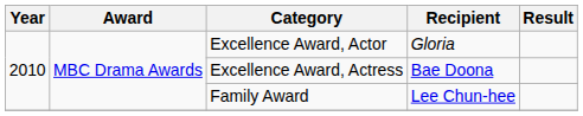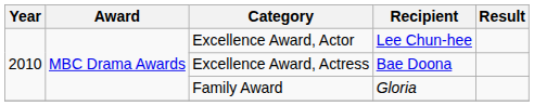 <table class="wikitable">
 <tr>
 <th>Year</th>
 <th>Award</th>
 <th>Category</th>
 <th>Recipient</th>
 <th>Result</th>
 </tr>
 <tr>
 <td rowspan=3>2010</td>
 <td rowspan=3><a href='#'>MBC Drama Awards</a></td>
 <td>Excellence Award, Actor</td>
-<td><em>Gloria</em></td>
+<td><a href='#'>Lee Chun-hee</a></td>
 <td></td>
 </tr>
 <tr>
 <td>Excellence Award, Actress</td>
 <td><a href='#'>Bae Doona</a></td>
 <td></td>
 </tr>
 <tr>
 <td>Family Award</td>
-<td><a href='#'>Lee Chun-hee</a></td>
+<td><em>Gloria</em></td>
 <td></td>
 </tr>
 <tr>
 </tr>
 </table>
